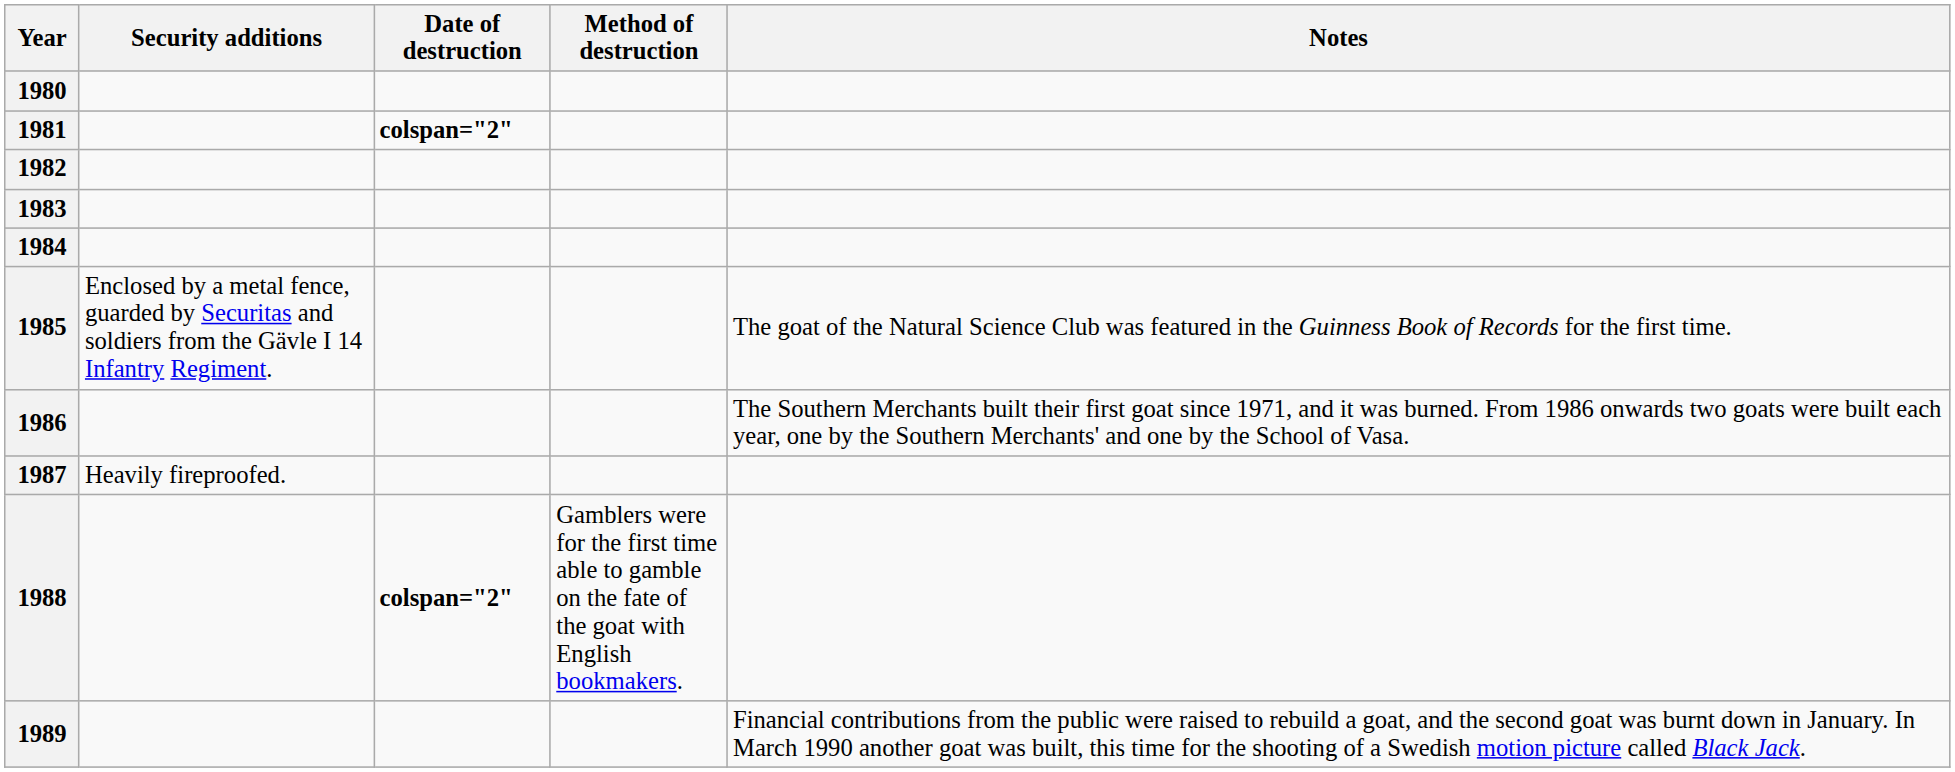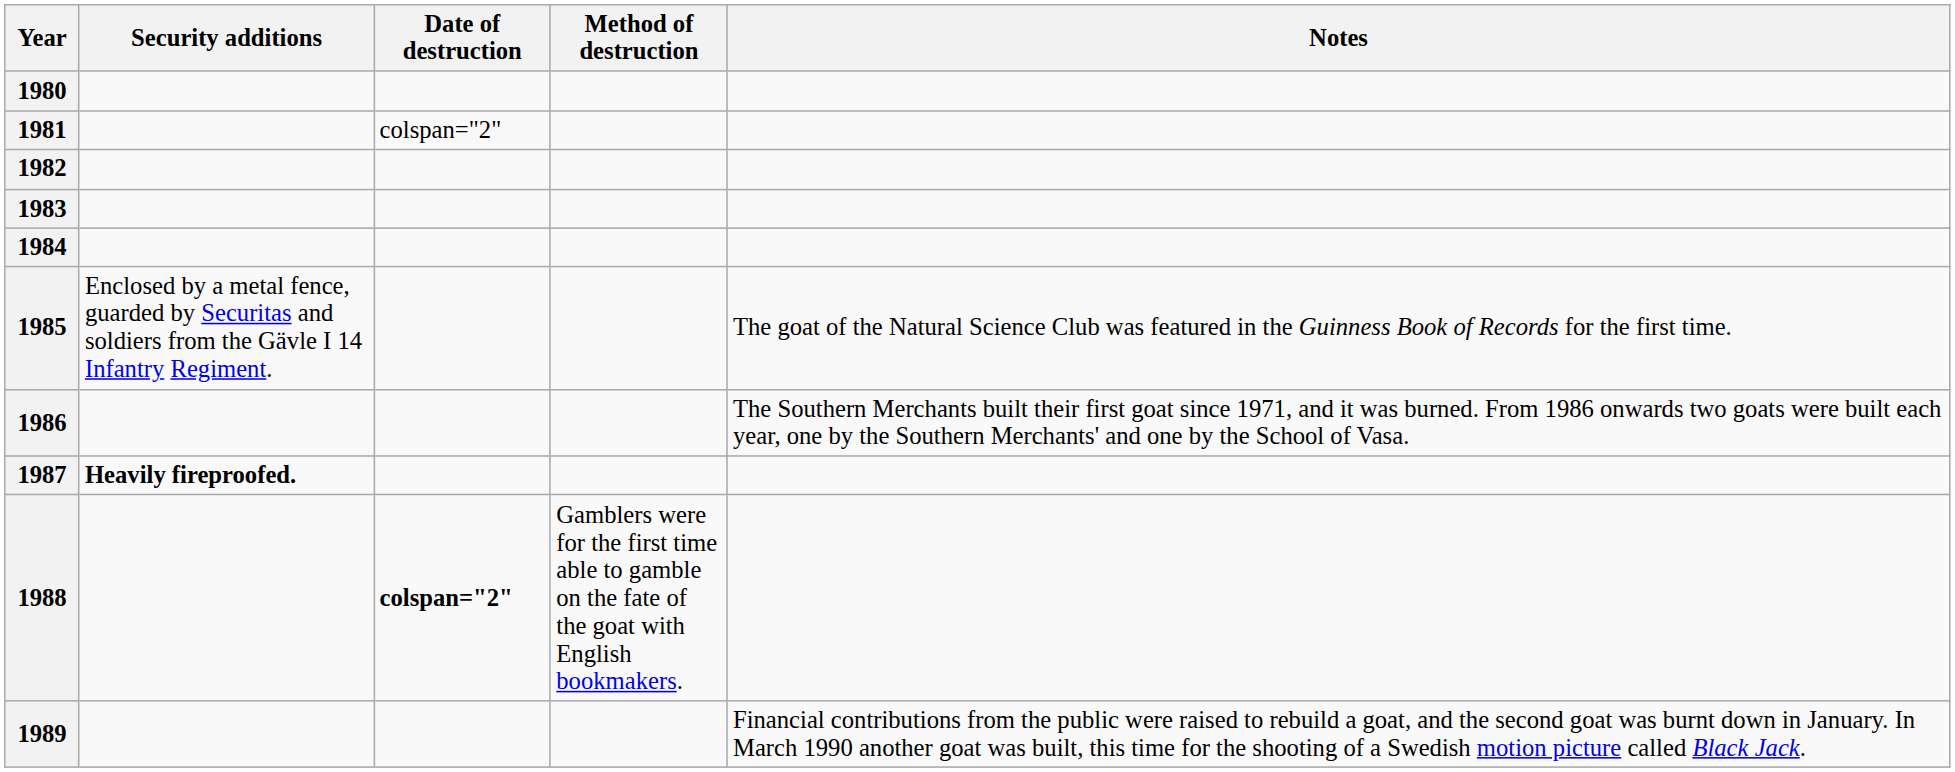 <table class="sortable wikitable" style="width: 100%;">
 <tr>
 <th scope="col" width="40">Year</th>
 <th scope="col" width="180">Security additions</th>
 <th scope="col" width="105">Date of destruction</th>
 <th scope="col" width="105">Method of destruction</th>
 <th scope="col" width="770">Notes</th>
 </tr>
 <tr>
 <th scope="row">1980</th>
 <td></td>
 <td></td>
 <td></td>
 <td></td>
 </tr>
 <tr>
 <th scope="row">1981</th>
 <td></td>
-<td><strong>colspan="2" </strong></td>
+<td>colspan="2" </td>
 <td></td>
 </tr>
 <tr>
 <th scope="row">1982</th>
 <td></td>
 <td></td>
 <td></td>
 <td></td>
 </tr>
 <tr>
 <th scope="row">1983</th>
 <td></td>
 <td></td>
 <td></td>
 <td></td>
 </tr>
 <tr>
 <th scope="row">1984</th>
 <td></td>
 <td></td>
 <td></td>
 <td></td>
 </tr>
 <tr>
 <th scope="row">1985</th>
 <td>Enclosed by a  metal fence, guarded by <a href='#'>Securitas</a> and soldiers from the Gävle I 14 <a href='#'>Infantry</a> <a href='#'>Regiment</a>.</td>
 <td></td>
 <td></td>
 <td>The  goat of the Natural Science Club was featured in the <em>Guinness Book of Records</em> for the first time.</td>
 </tr>
 <tr>
 <th scope="row">1986</th>
 <td></td>
 <td></td>
 <td></td>
 <td>The Southern Merchants built their first goat since 1971, and it was burned. From 1986 onwards two goats were built each year, one by the Southern Merchants' and one by the School of Vasa.</td>
 </tr>
 <tr>
 <th scope="row">1987</th>
-<td>Heavily fireproofed.</td>
+<td><strong>Heavily fireproofed.</strong></td>
 <td></td>
 <td></td>
 <td></td>
 </tr>
 <tr>
 <th scope="row">1988</th>
 <td></td>
 <td><strong>colspan="2" </strong></td>
 <td>Gamblers were for the first time able to gamble on the fate of the goat with English <a href='#'>bookmakers</a>.</td>
 </tr>
 <tr>
 <th scope="row">1989</th>
 <td></td>
 <td></td>
 <td></td>
 <td>Financial contributions from the public were raised to rebuild a goat, and the second goat was burnt down in January. In March 1990 another goat was built, this time for the shooting of a Swedish <a href='#'>motion picture</a> called <em><a href='#'>Black Jack</a></em>.</td>
 </tr>
 </table>
